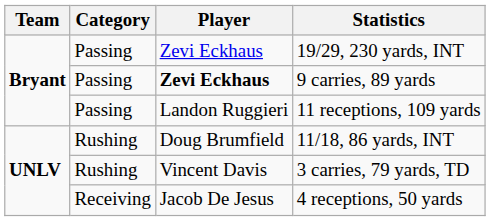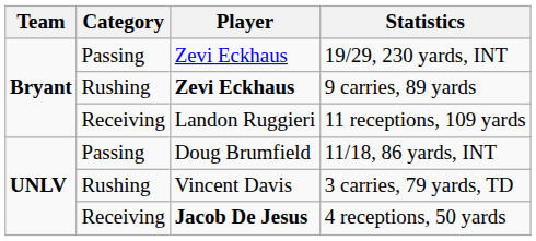 <table class="wikitable" style="float: right;">
 <tr>
 <th>Team</th>
 <th>Category</th>
 <th>Player</th>
 <th>Statistics</th>
 </tr>
 <tr>
 <td rowspan=3><strong>Bryant</strong></td>
 <td>Passing</td>
 <td><a href='#'>Zevi Eckhaus</a></td>
 <td>19/29, 230 yards, INT</td>
 </tr>
 <tr>
-<td>Passing</td>
+<td>Rushing</td>
 <td><strong>Zevi Eckhaus</strong></td>
 <td>9 carries, 89 yards</td>
 </tr>
 <tr>
-<td>Passing</td>
+<td>Receiving</td>
 <td>Landon Ruggieri</td>
 <td>11 receptions, 109 yards</td>
 </tr>
 <tr>
 <td rowspan=3><strong>UNLV</strong></td>
-<td>Rushing</td>
+<td>Passing</td>
 <td>Doug Brumfield</td>
 <td>11/18, 86 yards, INT</td>
 </tr>
 <tr>
 <td>Rushing</td>
 <td>Vincent Davis</td>
 <td>3 carries, 79 yards, TD</td>
 </tr>
 <tr>
 <td>Receiving</td>
-<td>Jacob De Jesus</td>
+<td><strong>Jacob De Jesus</strong></td>
 <td>4 receptions, 50 yards</td>
 </tr>
 </table>
